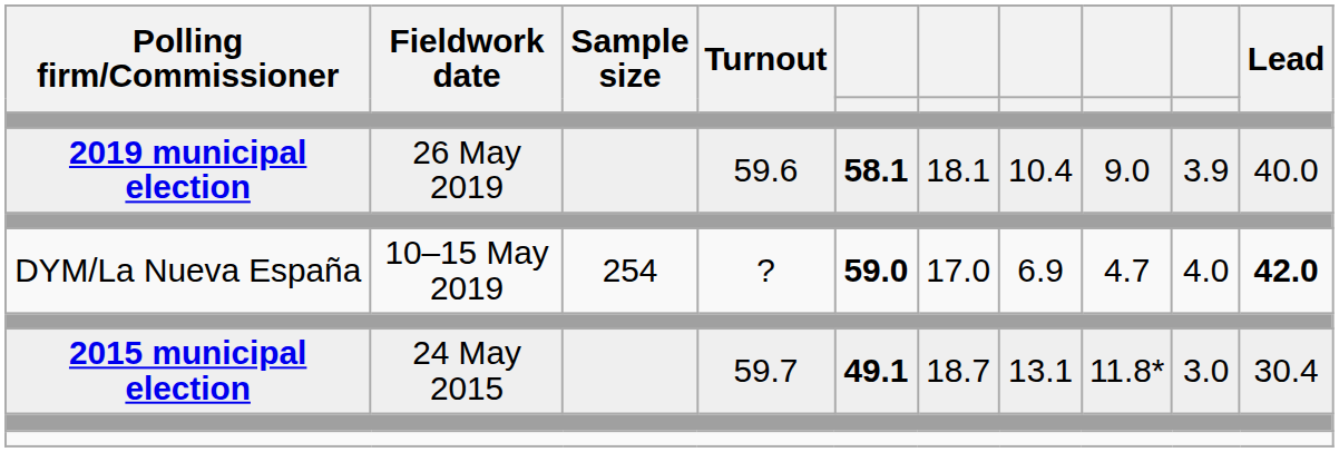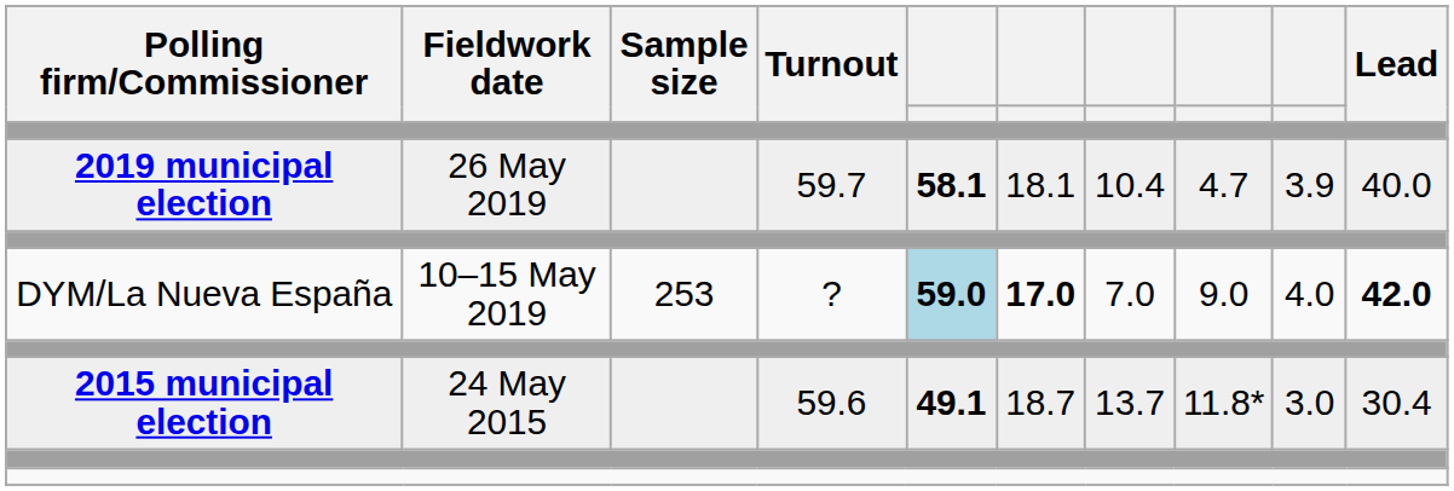 <table class="wikitable collapsible collapsed" style="text-align:center; font-size:95%; line-height:16px;">
 <tr style="height:42px;">
 <th style="width:250px;" rowspan="2">Polling firm/Commissioner</th>
 <th style="width:125px;" rowspan="2">Fieldwork date</th>
 <th style="width:50px;" rowspan="2">Sample size</th>
 <th style="width:45px;" rowspan="2">Turnout</th>
 <th style="width:35px;"></th>
 <th style="width:35px;"></th>
 <th style="width:35px;"></th>
 <th style="width:35px;"></th>
 <th style="width:35px;"></th>
 <th style="width:30px;" rowspan="2">Lead</th>
 </tr>
 <tr>
 <th style="color:inherit;background:"></th>
 <th style="color:inherit;background:"></th>
 <th style="color:inherit;background:"></th>
 <th style="color:inherit;background:"></th>
 <th style="color:inherit;background:"></th>
 </tr>
 <tr>
 <td colspan="13" style="background:#A0A0A0"></td>
 </tr>
 <tr style="background:#EFEFEF;">
 <td><strong><a href='#'>2019 municipal election</a></strong></td>
 <td>26 May 2019</td>
 <td></td>
-<td>59.6</td>
+<td>59.7</td>
 <td><strong>58.1</strong><br></td>
 <td>18.1<br></td>
 <td>10.4<br></td>
-<td>9.0<br></td>
+<td>4.7<br></td>
 <td>3.9<br></td>
 <td style="background:">40.0</td>
 </tr>
 <tr>
 <td colspan="13" style="background:#A0A0A0"></td>
 </tr>
 <tr>
 <td>DYM/La Nueva España</td>
 <td>10–15 May 2019</td>
-<td>254</td>
+<td>253</td>
 <td>?</td>
-<td><strong>59.0</strong><br></td>
-<td>17.0<br></td>
-<td>6.9<br></td>
-<td>4.7<br></td>
+<td style="background: lightblue;"><strong>59.0</strong><br></td>
+<td><strong>17.0<br></strong></td>
+<td>7.0<br></td>
+<td>9.0<br></td>
 <td>4.0<br></td>
 <td style="background:"><strong>42.0</strong></td>
 </tr>
 <tr>
 <td colspan="13" style="background:#A0A0A0"></td>
 </tr>
 <tr style="background:#EFEFEF;">
 <td><strong><a href='#'>2015 municipal election</a></strong></td>
 <td>24 May 2015</td>
 <td></td>
-<td>59.7</td>
+<td>59.6</td>
 <td><strong>49.1</strong><br></td>
 <td>18.7<br></td>
-<td>13.1<br></td>
+<td>13.7<br></td>
 <td>11.8*<br></td>
 <td>3.0<br></td>
 <td style="background:">30.4</td>
 </tr>
 <tr>
 <td colspan="13" style="background:#A0A0A0"></td>
 </tr>
 <tr>
 <td align="left" colspan="13"></td>
 </tr>
 </table>
